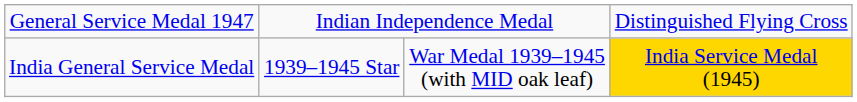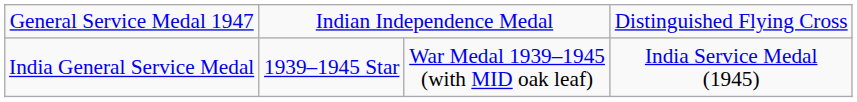 <table class="wikitable" style="margin:1em auto; text-align:center;">
 <tr>
 <td colspan="1"><a href='#'>General Service Medal 1947</a></td>
 <td colspan="2"><a href='#'>Indian Independence Medal</a></td>
 <td colspan="1"><a href='#'>Distinguished Flying Cross</a></td>
 </tr>
 <tr>
 <td><a href='#'>India General Service Medal</a></td>
 <td><a href='#'>1939–1945 Star</a></td>
 <td><a href='#'>War Medal 1939–1945</a> <br>(with <a href='#'>MID</a> oak leaf)</td>
-<td style="background: gold;"><a href='#'>India Service Medal</a> <br>(1945)</td>
+<td><a href='#'>India Service Medal</a> <br>(1945)</td>
 </tr>
 </table>
